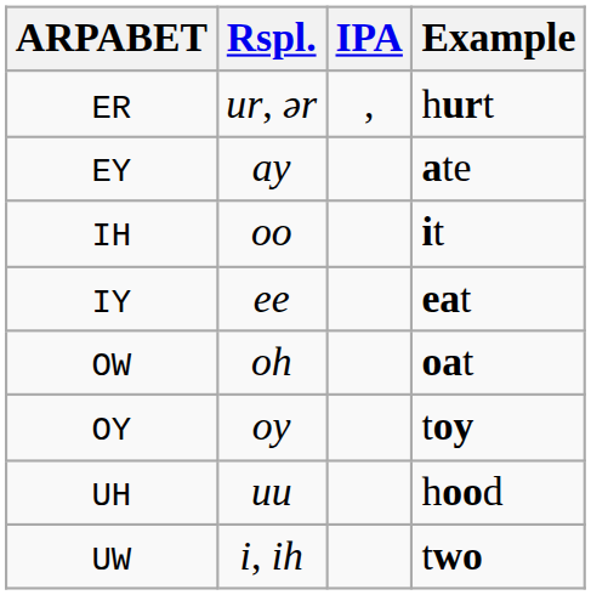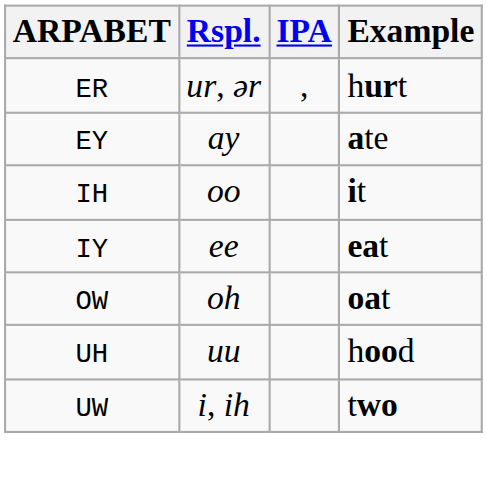 <table class="wikitable" style="display:inline-table; text-align: center; margin-right: 2em;">
 <tr>
 <th colspan="1">ARPABET</th>
 <th colspan="1"><a href='#'>Rspl.</a></th>
 <th rowspan="1"><a href='#'>IPA</a></th>
 <th rowspan="1">Example</th>
 </tr>
 <tr>
 <td><code>ER</code></td>
 <td><em>ur</em>, <em>ər</em></td>
 <td>, </td>
 <td style="text-align:left">h<strong>ur</strong>t</td>
 </tr>
 <tr>
 <td><code>EY</code></td>
 <td><em>ay</em></td>
 <td></td>
 <td style="text-align:left"><strong>a</strong>te</td>
 </tr>
 <tr>
 <td><code>IH</code></td>
 <td><em>oo</em></td>
 <td></td>
 <td style="text-align:left"><strong>i</strong>t</td>
 </tr>
 <tr>
 <td><code>IY</code></td>
 <td><em>ee</em></td>
 <td></td>
 <td style="text-align:left"><strong>ea</strong>t</td>
 </tr>
 <tr>
 <td><code>OW</code></td>
 <td><em>oh</em></td>
 <td></td>
 <td style="text-align:left"><strong>oa</strong>t</td>
 </tr>
 <tr>
-<td><code>OY</code></td>
-<td><em>oy</em></td>
-<td></td>
-<td style="text-align:left">t<strong>oy</strong></td>
-</tr>
-<tr>
 <td><code>UH</code></td>
 <td><em>uu</em></td>
 <td></td>
 <td style="text-align:left">h<strong>oo</strong>d</td>
 </tr>
 <tr>
 <td><code>UW</code></td>
 <td><em>i</em>, <em>ih</em></td>
 <td></td>
 <td style="text-align:left">t<strong>wo</strong></td>
 </tr>
 </table>
